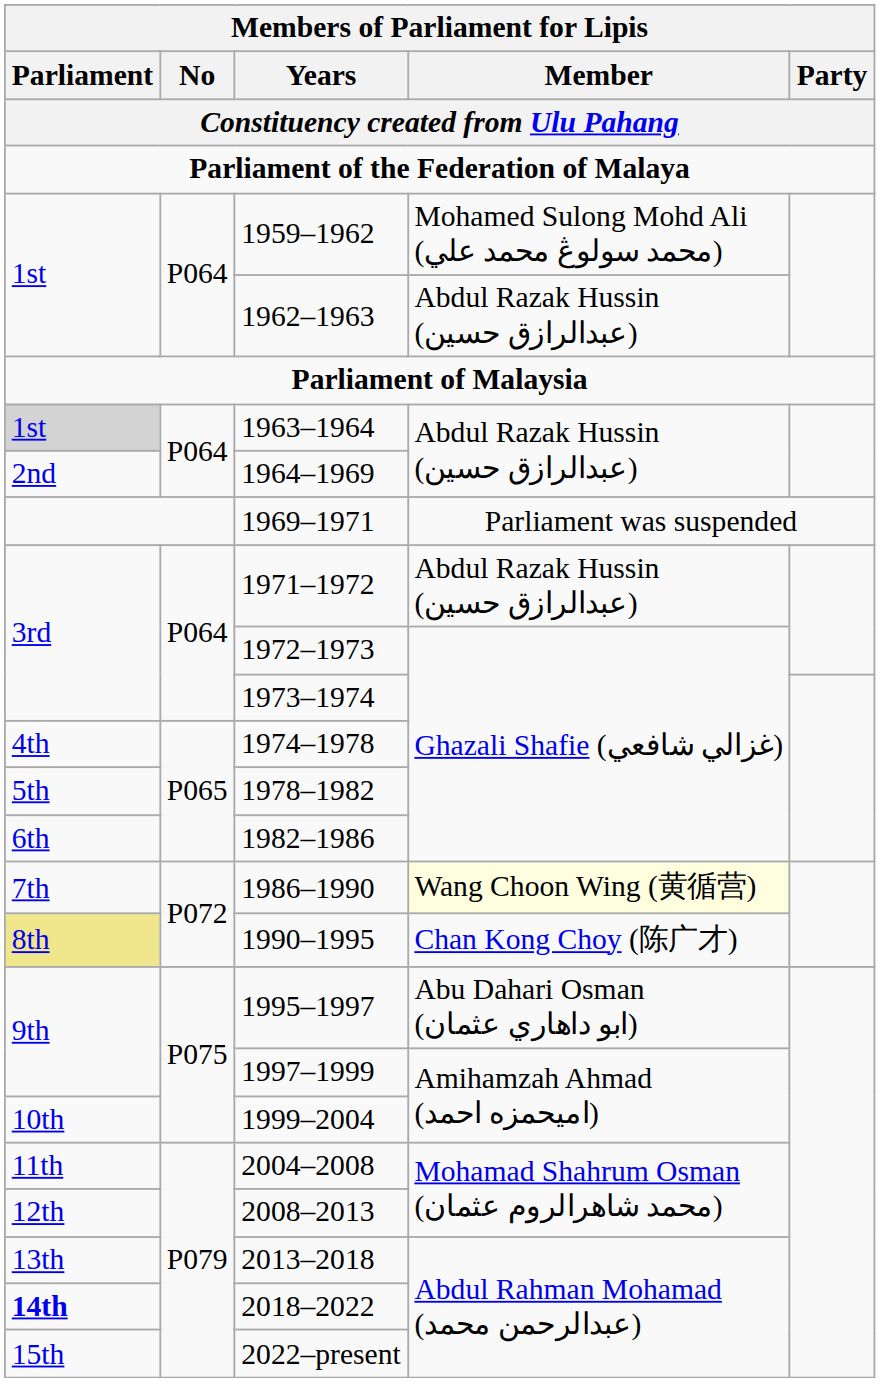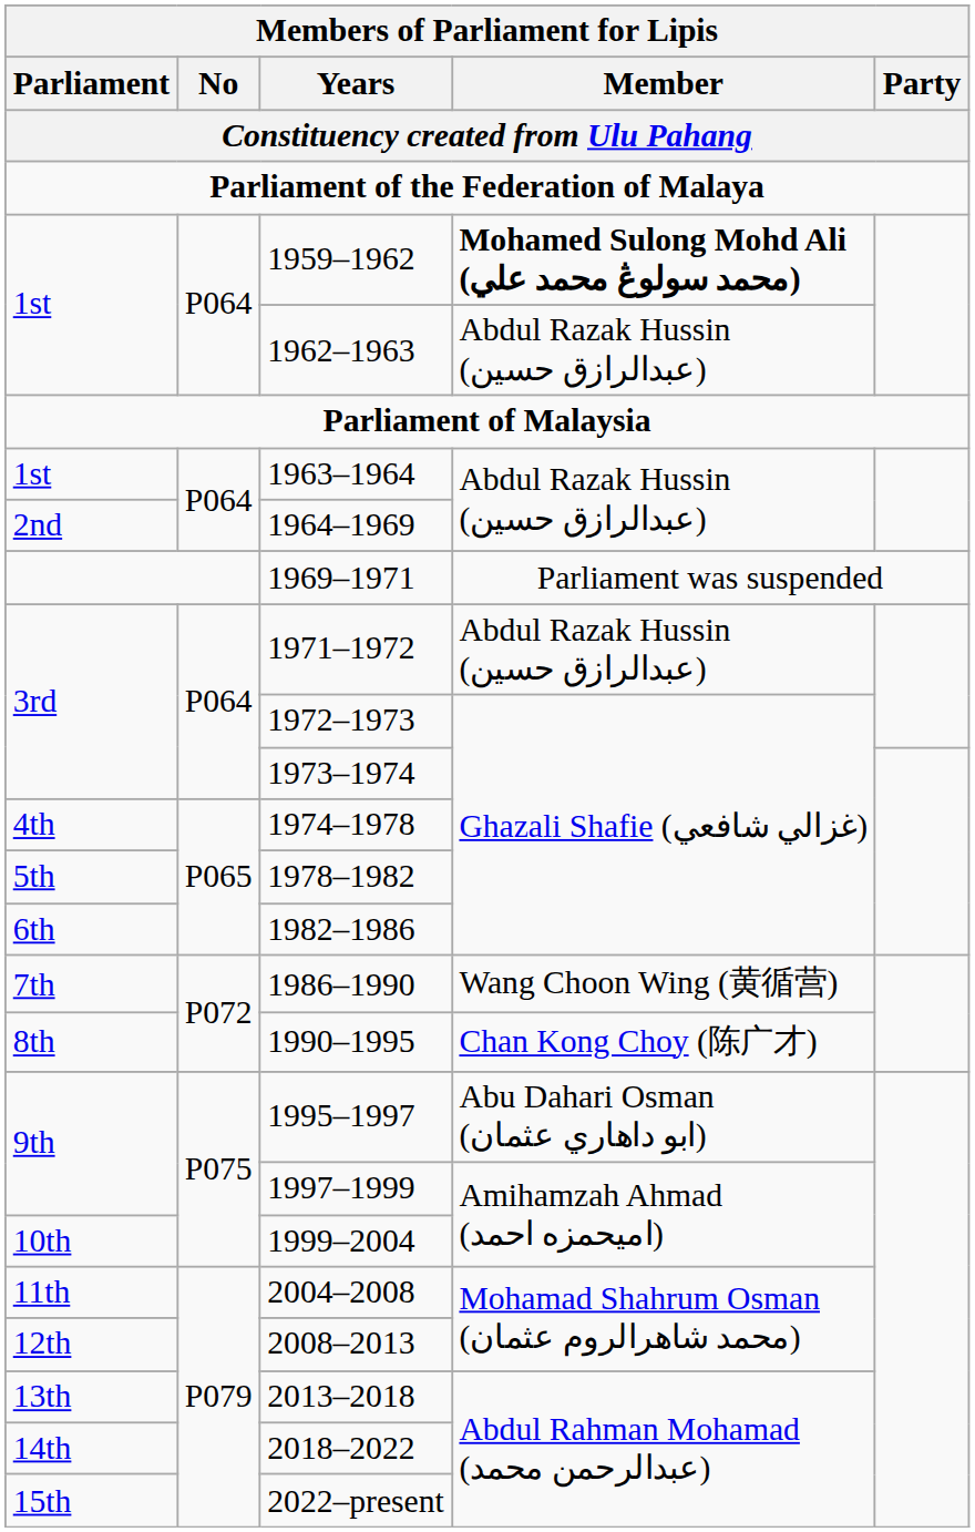 <table class=wikitable>
 <tr>
 <th colspan="5">Members of Parliament for Lipis</th>
 </tr>
 <tr>
 <th>Parliament</th>
 <th>No</th>
 <th>Years</th>
 <th>Member</th>
 <th>Party</th>
 </tr>
 <tr>
 <th colspan="5" align="center"><em>Constituency created from <a href='#'>Ulu Pahang</a></em></th>
 </tr>
 <tr>
 <td colspan="5" align="center"><strong>Parliament of the Federation of Malaya</strong></td>
 </tr>
 <tr>
 <td rowspan=2><a href='#'>1st</a></td>
 <td rowspan="2">P064</td>
 <td>1959–1962</td>
-<td>Mohamed Sulong Mohd Ali <br> (محمد سولوڠ محمد علي)</td>
+<td><strong>Mohamed Sulong Mohd Ali <br> (محمد سولوڠ محمد علي)</strong></td>
 <td rowspan=2></td>
 </tr>
 <tr>
 <td>1962–1963</td>
 <td>Abdul Razak Hussin  <br>(عبدالرازق حسين)</td>
 </tr>
 <tr>
 <td colspan="5" align="center"><strong>Parliament of Malaysia</strong></td>
 </tr>
 <tr>
-<td style="background: lightgrey;"><a href='#'>1st</a></td>
+<td><a href='#'>1st</a></td>
 <td rowspan="2">P064</td>
 <td>1963–1964</td>
 <td rowspan=2>Abdul Razak Hussin <br> (عبدالرازق حسين)</td>
 <td rowspan=2></td>
 </tr>
 <tr>
 <td><a href='#'>2nd</a></td>
 <td>1964–1969</td>
 </tr>
 <tr>
 <td colspan="2"></td>
 <td>1969–1971</td>
 <td colspan=2 align=center>Parliament was suspended</td>
 </tr>
 <tr>
 <td rowspan=3><a href='#'>3rd</a></td>
 <td rowspan="3">P064</td>
 <td>1971–1972</td>
 <td>Abdul Razak Hussin <br> (عبدالرازق حسين)</td>
 <td rowspan=2></td>
 </tr>
 <tr>
 <td>1972–1973</td>
 <td rowspan=5><a href='#'>Ghazali Shafie</a> (غزالي شافعي)</td>
 </tr>
 <tr>
 <td>1973–1974</td>
 <td rowspan="4"></td>
 </tr>
 <tr>
 <td><a href='#'>4th</a></td>
 <td rowspan="3">P065</td>
 <td>1974–1978</td>
 </tr>
 <tr>
 <td><a href='#'>5th</a></td>
 <td>1978–1982</td>
 </tr>
 <tr>
 <td><a href='#'>6th</a></td>
 <td>1982–1986</td>
 </tr>
 <tr>
 <td><a href='#'>7th</a></td>
 <td rowspan="2">P072</td>
 <td>1986–1990</td>
-<td style="background: lightyellow;">Wang Choon Wing (黄循营)</td>
+<td>Wang Choon Wing (黄循营)</td>
 <td rowspan="2"></td>
 </tr>
 <tr>
-<td style="background: khaki;"><a href='#'>8th</a></td>
+<td><a href='#'>8th</a></td>
 <td>1990–1995</td>
 <td><a href='#'>Chan Kong Choy</a> (陈广才)</td>
 </tr>
 <tr>
 <td rowspan=2><a href='#'>9th</a></td>
 <td rowspan="3">P075</td>
 <td>1995–1997</td>
 <td>Abu Dahari Osman  <br>(ابو داهاري عثمان)</td>
 <td rowspan="8"></td>
 </tr>
 <tr>
 <td>1997–1999</td>
 <td rowspan=2>Amihamzah Ahmad  <br>(اميحمزه احمد)</td>
 </tr>
 <tr>
 <td><a href='#'>10th</a></td>
 <td>1999–2004</td>
 </tr>
 <tr>
 <td><a href='#'>11th</a></td>
 <td rowspan="5">P079</td>
 <td>2004–2008</td>
 <td rowspan=2><a href='#'>Mohamad Shahrum Osman</a> <br> (محمد شاهرالروم عثمان)</td>
 </tr>
 <tr>
 <td><a href='#'>12th</a></td>
 <td>2008–2013</td>
 </tr>
 <tr>
 <td><a href='#'>13th</a></td>
 <td>2013–2018</td>
 <td rowspan="3"><a href='#'>Abdul Rahman Mohamad</a> <br> (عبدالرحمن محمد)</td>
 </tr>
 <tr>
-<td><strong><a href='#'>14th</a></strong></td>
+<td><a href='#'>14th</a></td>
 <td>2018–2022</td>
 </tr>
 <tr>
 <td><a href='#'>15th</a></td>
 <td>2022–present</td>
 </tr>
 </table>
